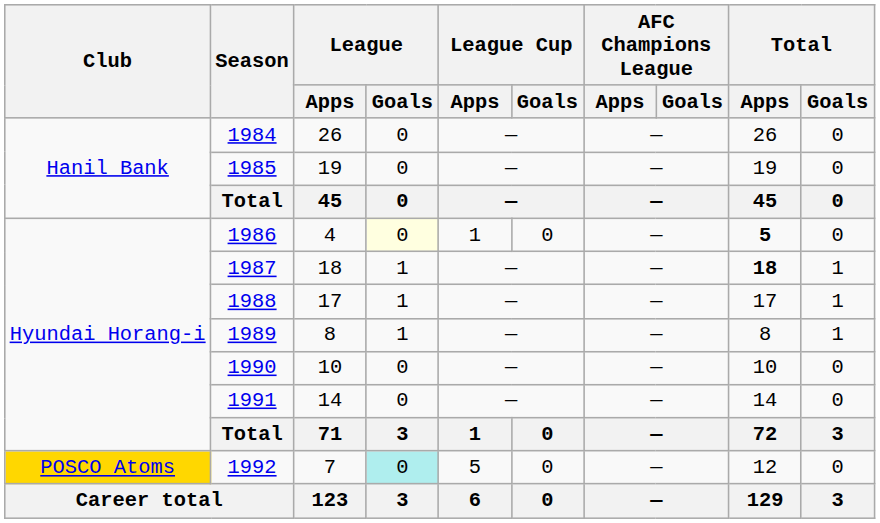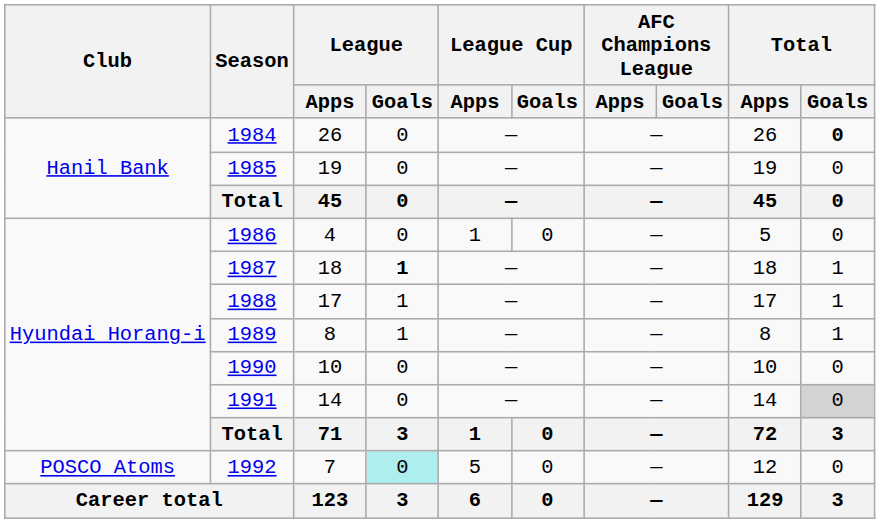 <table class="wikitable" style="text-align:center">
 <tr>
 <th rowspan="2">Club</th>
 <th rowspan="2">Season</th>
 <th colspan="2">League</th>
 <th colspan="2">League Cup</th>
 <th colspan="2">AFC Champions League</th>
 <th colspan="2">Total</th>
 </tr>
 <tr>
 <th width="40">Apps</th>
 <th width="40">Goals</th>
 <th width="40">Apps</th>
 <th width="40">Goals</th>
 <th width="40">Apps</th>
 <th width="40">Goals</th>
 <th width="40">Apps</th>
 <th width="40">Goals</th>
 </tr>
 <tr>
 <td rowspan="3"><a href='#'>Hanil Bank</a></td>
 <td><a href='#'>1984</a></td>
 <td>26</td>
 <td>0</td>
 <td colspan="2">—</td>
 <td colspan="2">—</td>
 <td>26</td>
-<td>0</td>
+<td><strong>0</strong></td>
 </tr>
 <tr>
 <td><a href='#'>1985</a></td>
 <td>19</td>
 <td>0</td>
 <td colspan="2">—</td>
 <td colspan="2">—</td>
 <td>19</td>
 <td>0</td>
 </tr>
 <tr>
 <th>Total</th>
 <th>45</th>
 <th>0</th>
 <th colspan="2">—</th>
 <th colspan="2">—</th>
 <th>45</th>
 <th>0</th>
 </tr>
 <tr>
 <td rowspan="7"><a href='#'>Hyundai Horang-i</a></td>
 <td><a href='#'>1986</a></td>
 <td>4</td>
-<td style="background: lightyellow;">0</td>
+<td>0</td>
 <td>1</td>
 <td>0</td>
 <td colspan="2">—</td>
-<td><strong>5</strong></td>
+<td>5</td>
 <td>0</td>
 </tr>
 <tr>
 <td><a href='#'>1987</a></td>
 <td>18</td>
-<td>1</td>
+<td><strong>1</strong></td>
 <td colspan="2">—</td>
 <td colspan="2">—</td>
-<td><strong>18</strong></td>
+<td>18</td>
 <td>1</td>
 </tr>
 <tr>
 <td><a href='#'>1988</a></td>
 <td>17</td>
 <td>1</td>
 <td colspan="2">—</td>
 <td colspan="2">—</td>
 <td>17</td>
 <td>1</td>
 </tr>
 <tr>
 <td><a href='#'>1989</a></td>
 <td>8</td>
 <td>1</td>
 <td colspan="2">—</td>
 <td colspan="2">—</td>
 <td>8</td>
 <td>1</td>
 </tr>
 <tr>
 <td><a href='#'>1990</a></td>
 <td>10</td>
 <td>0</td>
 <td colspan="2">—</td>
 <td colspan="2">—</td>
 <td>10</td>
 <td>0</td>
 </tr>
 <tr>
 <td><a href='#'>1991</a></td>
 <td>14</td>
 <td>0</td>
 <td colspan="2">—</td>
 <td colspan="2">—</td>
 <td>14</td>
-<td>0</td>
+<td style="background: lightgrey;">0</td>
 </tr>
 <tr>
 <th>Total</th>
 <th>71</th>
 <th>3</th>
 <th>1</th>
 <th>0</th>
 <th colspan="2">—</th>
 <th>72</th>
 <th>3</th>
 </tr>
 <tr>
-<td style="background: gold;"><a href='#'>POSCO Atoms</a></td>
+<td><a href='#'>POSCO Atoms</a></td>
 <td><a href='#'>1992</a></td>
 <td>7</td>
 <td style="background: paleturquoise;">0</td>
 <td>5</td>
 <td>0</td>
 <td colspan="2">—</td>
 <td>12</td>
 <td>0</td>
 </tr>
 <tr>
 <th colspan="2">Career total</th>
 <th>123</th>
 <th>3</th>
 <th>6</th>
 <th>0</th>
 <th colspan="2">—</th>
 <th>129</th>
 <th>3</th>
 </tr>
 </table>
